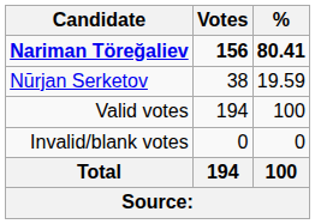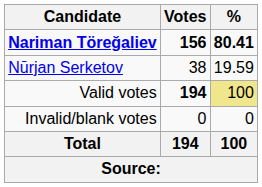 <table class="wikitable" style="text-align:right">
 <tr>
 <th>Candidate</th>
 <th>Votes</th>
 <th>%</th>
 </tr>
 <tr>
 <td align="left"><strong><a href='#'>Nariman Töreğaliev</a></strong></td>
 <td><strong>156</strong></td>
 <td><strong>80.41</strong></td>
 </tr>
 <tr>
 <td align="left"><a href='#'>Nūrjan Serketov</a></td>
 <td>38</td>
 <td>19.59</td>
 </tr>
 <tr>
 <td>Valid votes</td>
-<td>194</td>
-<td>100</td>
+<td><strong>194</strong></td>
+<td style="background: khaki;">100</td>
 </tr>
 <tr>
 <td>Invalid/blank votes</td>
 <td>0</td>
 <td>0</td>
 </tr>
 <tr>
 <th>Total</th>
 <th>194</th>
 <th>100</th>
 </tr>
 <tr>
 <th colspan="3">Source: </th>
 </tr>
 </table>
